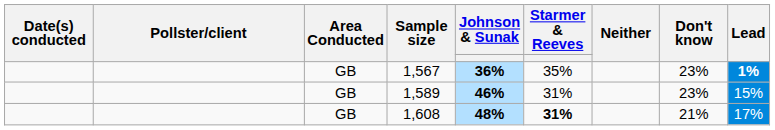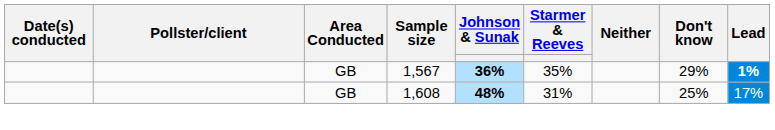 <table class="wikitable collapsible sortable mw-datatable" style="text-align:center;font-size:90%;line-height:14px">
 <tr>
 <th style="width:80px;" rowspan="2">Date(s)<br>conducted</th>
 <th style="width:200px;" rowspan="2">Pollster/client</th>
 <th style="width:60px;" rowspan="2">Area Conducted</th>
 <th style="width:60px;" rowspan="2">Sample size</th>
 <th style="width:60px;" class="unsortable"><a href='#'>Johnson</a> & <a href='#'>Sunak</a></th>
 <th style="width:60px;" class="unsortable"><a href='#'>Starmer</a> & <a href='#'>Reeves</a></th>
 <th style="width:60px;" rowspan="2" class="unsortable">Neither</th>
 <th style="width:60px;" rowspan="2" class="unsortable">Don't know</th>
 <th class="unsortable" style="width:20px;" rowspan="2">Lead</th>
 </tr>
 <tr>
 <th class="unsortable" style="color:inherit;background:"></th>
 <th class="unsortable" style="color:inherit;background:"></th>
 </tr>
 <tr>
 <td></td>
 <td></td>
 <td>GB</td>
 <td>1,567</td>
 <td style="background:#B3E0FF"><strong>36%</strong></td>
 <td>35%</td>
 <td></td>
-<td>23%</td>
+<td>29%</td>
 <td style="background:#0087DC; color:white;"><strong>1%</strong></td>
-</tr>
-<tr>
-<td></td>
-<td></td>
-<td>GB</td>
-<td>1,589</td>
-<td style="background:#B3E0FF"><strong>46%</strong></td>
-<td>31%</td>
-<td></td>
-<td>23%</td>
-<td style="background:#0087DC; color:white;">15%</td>
 </tr>
 <tr>
 <td></td>
 <td></td>
 <td>GB</td>
 <td>1,608</td>
 <td style="background:#B3E0FF"><strong>48%</strong></td>
-<td><strong>31%</strong></td>
+<td>31%</td>
 <td></td>
-<td>21%</td>
+<td>25%</td>
 <td style="background:#0087DC; color:white;">17%</td>
 </tr>
 </table>
